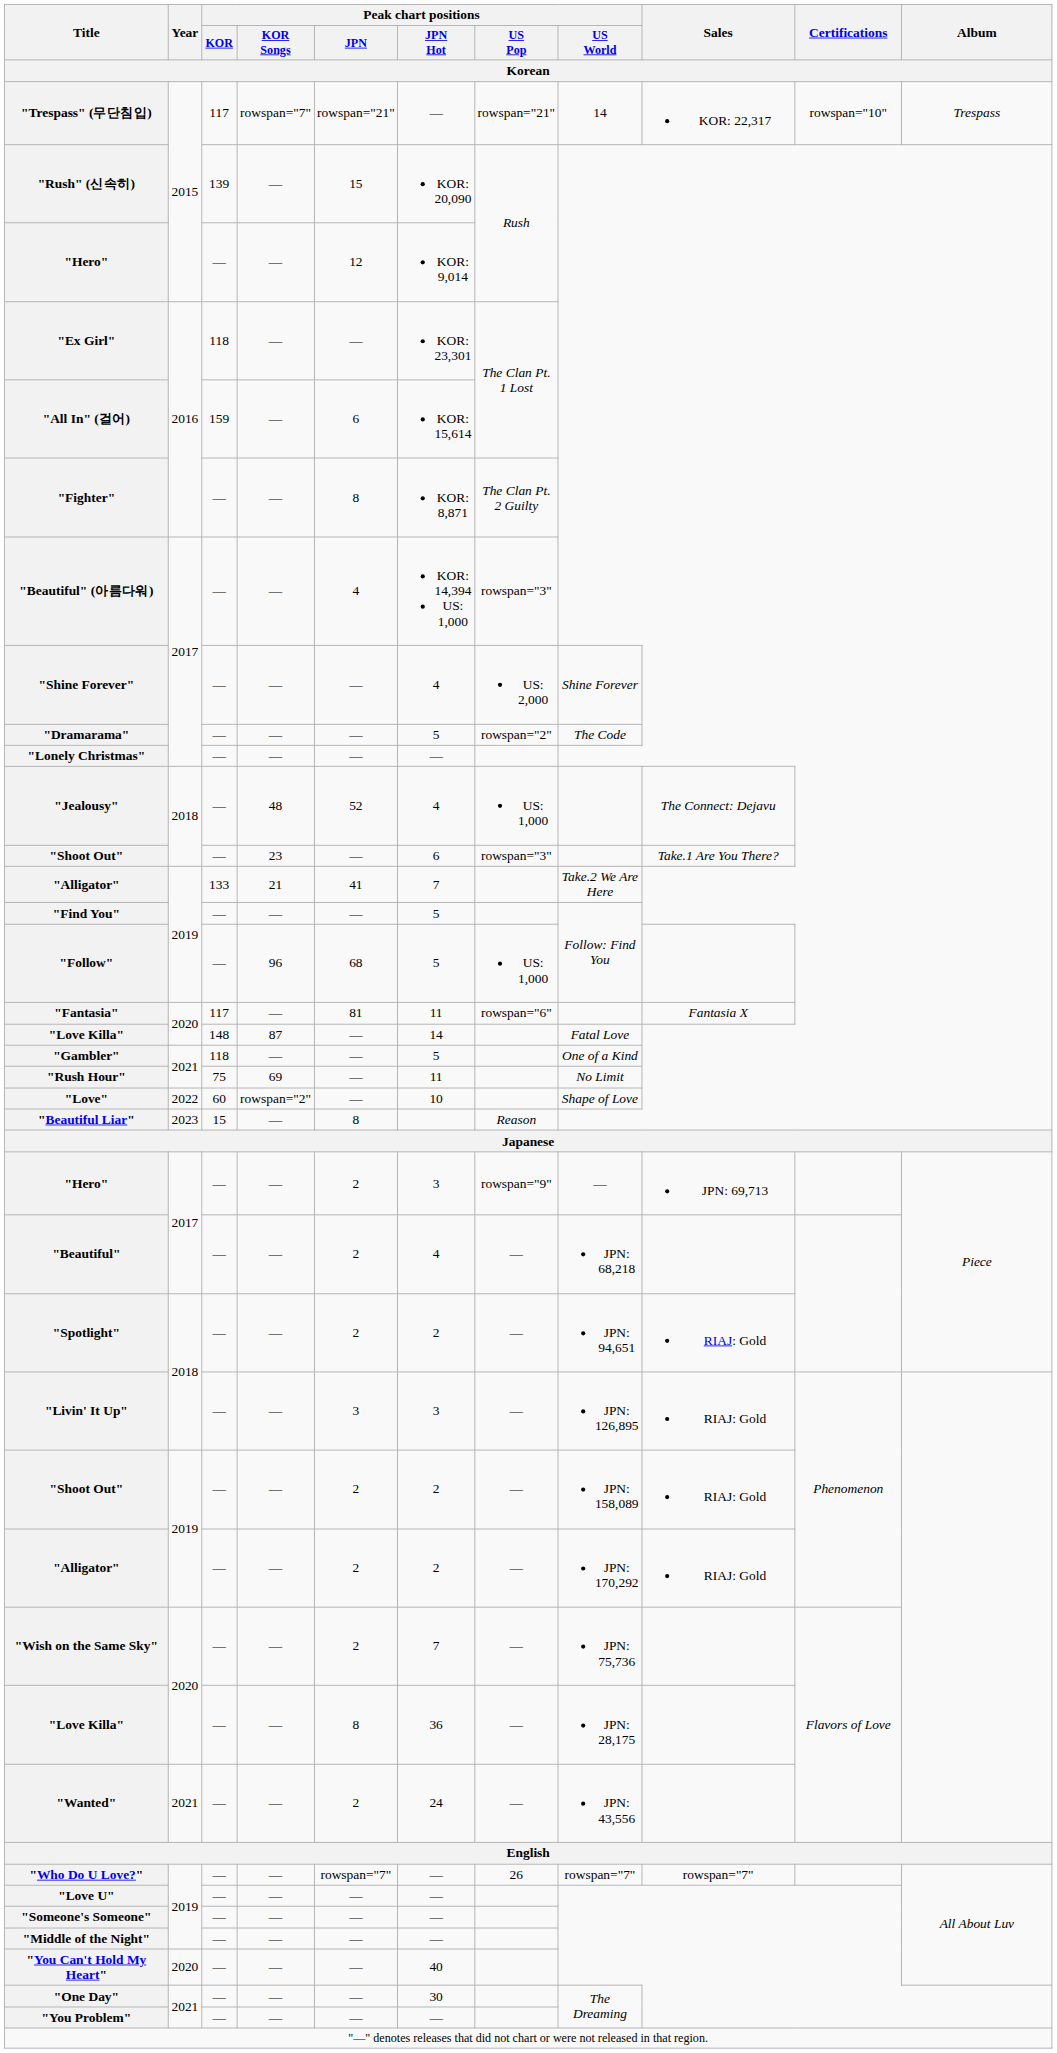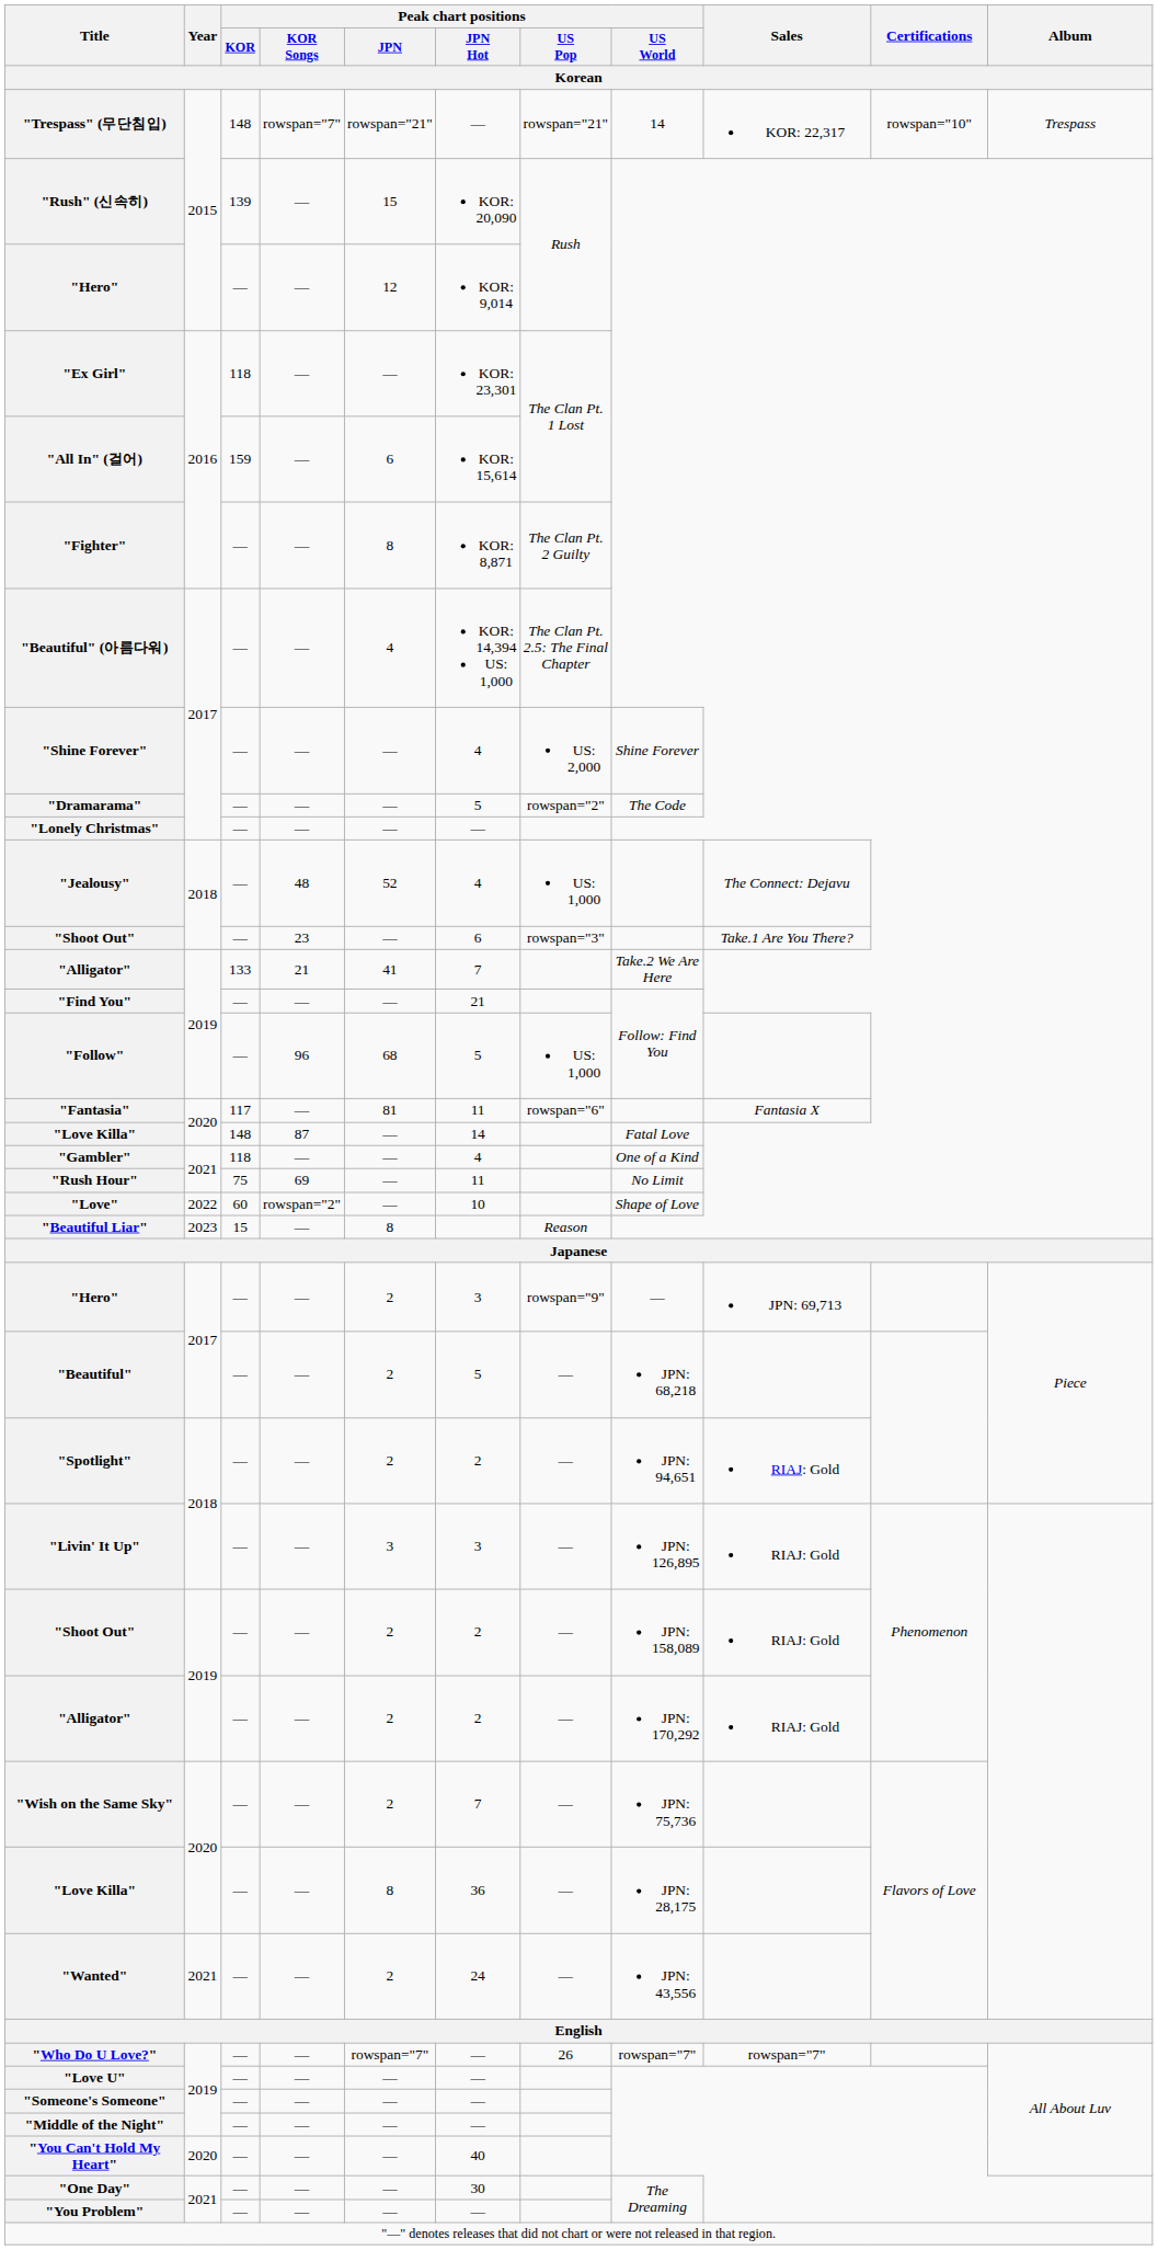 <table class="wikitable plainrowheaders" style="text-align:center;">
 <tr>
 <th scope="col" rowspan="2" style="width:26em;">Title</th>
 <th scope="col" rowspan="2">Year</th>
 <th scope="col" colspan="6">Peak chart positions</th>
 <th scope="col" rowspan="2" style="width:26em;">Sales<br></th>
 <th scope="col" rowspan="2" style="width:12em;"><a href='#'>Certifications</a><br></th>
 <th scope="col" rowspan="2" style="width:30em;">Album</th>
 </tr>
 <tr>
 <th scope="col" style="width:3em;font-size:90%;"><a href='#'>KOR</a><br></th>
 <th scope="col" style="width:3em;font-size:90%;"><a href='#'>KOR<br>Songs</a><br></th>
 <th scope="col" style="width:3em;font-size:90%;"><a href='#'>JPN</a><br></th>
 <th scope="col" style="width:3em;font-size:90%;"><a href='#'>JPN<br>Hot</a><br></th>
 <th scope="col" style="width:3em;font-size:90%;"><a href='#'>US<br>Pop</a><br></th>
 <th scope="col" style="width:3em;font-size:90%;"><a href='#'>US<br>World</a><br></th>
 </tr>
 <tr>
 <th colspan="11">Korean</th>
 </tr>
 <tr>
 <th scope="row">"Trespass" (무단침입)</th>
 <td rowspan="3">2015</td>
-<td>117</td>
+<td>148</td>
 <td>rowspan="7" </td>
 <td>rowspan="21" </td>
 <td>—</td>
 <td>rowspan="21" </td>
 <td>14</td>
 <td><br><ul><li>KOR: 22,317</li></ul></td>
 <td>rowspan="10" </td>
 <td><em>Trespass</em></td>
 </tr>
 <tr>
 <th scope="row">"Rush" (신속히)</th>
 <td>139</td>
 <td>—</td>
 <td>15</td>
 <td><br><ul><li>KOR: 20,090</li></ul></td>
 <td rowspan="2"><em>Rush</em></td>
 </tr>
 <tr>
 <th scope="row">"Hero"</th>
 <td>—</td>
 <td>—</td>
 <td>12</td>
 <td><br><ul><li>KOR: 9,014</li></ul></td>
 </tr>
 <tr>
 <th scope="row">"Ex Girl" <br></th>
 <td rowspan="3">2016</td>
 <td>118</td>
 <td>—</td>
 <td>—</td>
 <td><br><ul><li>KOR: 23,301</li></ul></td>
 <td rowspan="2"><em>The Clan Pt. 1 Lost</em></td>
 </tr>
 <tr>
 <th scope="row">"All In" (걸어)</th>
 <td>159</td>
 <td>—</td>
 <td>6</td>
 <td><br><ul><li>KOR: 15,614</li></ul></td>
 </tr>
 <tr>
 <th scope="row">"Fighter"</th>
 <td>—</td>
 <td>—</td>
 <td>8</td>
 <td><br><ul><li>KOR: 8,871</li></ul></td>
 <td><em>The Clan Pt. 2 Guilty</em></td>
 </tr>
 <tr>
 <th scope="row">"Beautiful" (아름다워)</th>
 <td rowspan="4">2017</td>
 <td>—</td>
 <td>—</td>
 <td>4</td>
 <td><br><ul><li>KOR: 14,394</li><li>US: 1,000</li></ul></td>
-<td>rowspan="3" </td>
+<td><em>The Clan Pt. 2.5: The Final Chapter</em></td>
 </tr>
 <tr>
 <th scope="row">"Shine Forever"</th>
 <td>—</td>
 <td>—</td>
 <td>—</td>
 <td>4</td>
 <td><br><ul><li>US: 2,000</li></ul></td>
 <td><em>Shine Forever</em></td>
 </tr>
 <tr>
 <th scope="row">"Dramarama"</th>
 <td>—</td>
 <td>—</td>
 <td>—</td>
 <td>5</td>
 <td>rowspan="2" </td>
 <td><em>The Code</em></td>
 </tr>
 <tr>
 <th scope="row">"Lonely Christmas"</th>
 <td>—</td>
 <td>—</td>
 <td>—</td>
 <td>—</td>
 <td></td>
 </tr>
 <tr>
 <th scope="row">"Jealousy"</th>
 <td rowspan="2">2018</td>
 <td>—</td>
 <td>48</td>
 <td>52</td>
 <td>4</td>
 <td><br><ul><li>US: 1,000</li></ul></td>
 <td></td>
 <td><em>The Connect: Dejavu</em></td>
 </tr>
 <tr>
 <th scope="row">"Shoot Out"</th>
 <td>—</td>
 <td>23</td>
 <td>—</td>
 <td>6</td>
 <td>rowspan="3" </td>
 <td></td>
 <td><em>Take.1 Are You There?</em></td>
 </tr>
 <tr>
 <th scope="row">"Alligator"</th>
 <td rowspan="3">2019</td>
 <td>133</td>
 <td>21</td>
 <td>41</td>
 <td>7</td>
 <td></td>
 <td><em>Take.2 We Are Here</em></td>
 </tr>
 <tr>
 <th scope="row">"Find You"</th>
 <td>—</td>
 <td>—</td>
 <td>—</td>
-<td>5</td>
+<td>21</td>
 <td></td>
 <td rowspan="2"><em>Follow: Find You</em></td>
 </tr>
 <tr>
 <th scope="row">"Follow"</th>
 <td>—</td>
 <td>96</td>
 <td>68</td>
 <td>5</td>
 <td><br><ul><li>US: 1,000</li></ul></td>
 <td></td>
 </tr>
 <tr>
 <th scope="row">"Fantasia"</th>
 <td rowspan="2">2020</td>
 <td>117</td>
 <td>—</td>
 <td>81</td>
 <td>11</td>
 <td>rowspan="6" </td>
 <td></td>
 <td><em>Fantasia X</em></td>
 </tr>
 <tr>
 <th scope="row">"Love Killa"</th>
 <td>148</td>
 <td>87</td>
 <td>—</td>
 <td>14</td>
 <td></td>
 <td><em>Fatal Love</em></td>
 </tr>
 <tr>
 <th scope="row">"Gambler"</th>
 <td rowspan="2">2021</td>
 <td>118</td>
 <td>—</td>
 <td>—</td>
-<td>5</td>
+<td>4</td>
 <td></td>
 <td><em>One of a Kind</em></td>
 </tr>
 <tr>
 <th scope="row">"Rush Hour"</th>
 <td>75</td>
 <td>69</td>
 <td>—</td>
 <td>11</td>
 <td></td>
 <td><em>No Limit</em></td>
 </tr>
 <tr>
 <th scope="row">"Love"</th>
 <td>2022</td>
 <td>60</td>
 <td>rowspan="2" </td>
 <td>—</td>
 <td>10</td>
 <td></td>
 <td><em>Shape of Love</em></td>
 </tr>
 <tr>
 <th scope="row">"<a href='#'>Beautiful Liar</a>"</th>
 <td>2023</td>
 <td>15</td>
 <td>—</td>
 <td>8</td>
 <td></td>
 <td><em>Reason</em></td>
 </tr>
 <tr>
 <th colspan="12">Japanese</th>
 </tr>
 <tr>
 <th scope="row">"Hero"</th>
 <td rowspan="2">2017</td>
 <td>—</td>
 <td>—</td>
 <td>2</td>
 <td>3</td>
 <td>rowspan="9" </td>
 <td>—</td>
 <td><br><ul><li>JPN: 69,713 </li></ul></td>
 <td></td>
 <td rowspan="3"><em>Piece</em></td>
 </tr>
 <tr>
 <th scope="row">"Beautiful"</th>
 <td>—</td>
 <td>—</td>
 <td>2</td>
-<td>4</td>
+<td>5</td>
 <td>—</td>
 <td><br><ul><li>JPN: 68,218 </li></ul></td>
 <td></td>
 </tr>
 <tr>
 <th scope="row">"Spotlight"</th>
 <td rowspan="2">2018</td>
 <td>—</td>
 <td>—</td>
 <td>2</td>
 <td>2</td>
 <td>—</td>
 <td><br><ul><li>JPN: 94,651 </li></ul></td>
 <td><br><ul><li><a href='#'>RIAJ</a>: Gold</li></ul></td>
 </tr>
 <tr>
 <th scope="row">"Livin' It Up"</th>
 <td>—</td>
 <td>—</td>
 <td>3</td>
 <td>3</td>
 <td>—</td>
 <td><br><ul><li>JPN: 126,895 </li></ul></td>
 <td><br><ul><li>RIAJ: Gold</li></ul></td>
 <td rowspan="3"><em>Phenomenon</em></td>
 </tr>
 <tr>
 <th scope="row">"Shoot Out"</th>
 <td rowspan="2">2019</td>
 <td>—</td>
 <td>—</td>
 <td>2</td>
 <td>2</td>
 <td>—</td>
 <td><br><ul><li>JPN: 158,089 </li></ul></td>
 <td><br><ul><li>RIAJ: Gold</li></ul></td>
 </tr>
 <tr>
 <th scope="row">"Alligator"</th>
 <td>—</td>
 <td>—</td>
 <td>2</td>
 <td>2</td>
 <td>—</td>
 <td><br><ul><li>JPN: 170,292 </li></ul></td>
 <td><br><ul><li>RIAJ: Gold</li></ul></td>
 </tr>
 <tr>
 <th scope="row">"Wish on the Same Sky"</th>
 <td rowspan="2">2020</td>
 <td>—</td>
 <td>—</td>
 <td>2</td>
 <td>7</td>
 <td>—</td>
 <td><br><ul><li>JPN: 75,736 </li></ul></td>
 <td></td>
 <td rowspan="3"><em>Flavors of Love</em></td>
 </tr>
 <tr>
 <th scope="row">"Love Killa"</th>
 <td>—</td>
 <td>—</td>
 <td>8</td>
 <td>36</td>
 <td>—</td>
 <td><br><ul><li>JPN: 28,175 </li></ul></td>
 <td></td>
 </tr>
 <tr>
 <th scope="row">"Wanted"</th>
 <td>2021</td>
 <td>—</td>
 <td>—</td>
 <td>2</td>
 <td>24</td>
 <td>—</td>
 <td><br><ul><li>JPN: 43,556 </li></ul></td>
 <td></td>
 </tr>
 <tr>
 <th colspan="11">English</th>
 </tr>
 <tr>
 <th scope="row">"<a href='#'>Who Do U Love?</a>" <br></th>
 <td rowspan="4">2019</td>
 <td>—</td>
 <td>—</td>
 <td>rowspan="7" </td>
 <td>—</td>
 <td>26</td>
 <td>rowspan="7" </td>
 <td>rowspan="7" </td>
 <td></td>
 <td rowspan="5"><em>All About Luv</em></td>
 </tr>
 <tr>
 <th scope="row">"Love U"</th>
 <td>—</td>
 <td>—</td>
 <td>—</td>
 <td>—</td>
 <td></td>
 </tr>
 <tr>
 <th scope="row">"Someone's Someone"</th>
 <td>—</td>
 <td>—</td>
 <td>—</td>
 <td>—</td>
 <td></td>
 </tr>
 <tr>
 <th scope="row">"Middle of the Night"</th>
 <td>—</td>
 <td>—</td>
 <td>—</td>
 <td>—</td>
 <td></td>
 </tr>
 <tr>
 <th scope="row">"<a href='#'>You Can't Hold My Heart</a>"</th>
 <td>2020</td>
 <td>—</td>
 <td>—</td>
 <td>—</td>
 <td>40</td>
 <td></td>
 </tr>
 <tr>
 <th scope="row">"One Day"</th>
 <td rowspan="2">2021</td>
 <td>—</td>
 <td>—</td>
 <td>—</td>
 <td>30</td>
 <td></td>
 <td rowspan="2"><em>The Dreaming</em></td>
 </tr>
 <tr>
 <th scope="row">"You Problem"</th>
 <td>—</td>
 <td>—</td>
 <td>—</td>
 <td>—</td>
 <td></td>
 </tr>
 <tr>
 <td colspan="11" style="font-size:90%">"—" denotes releases that did not chart or were not released in that region.</td>
 </tr>
 </table>
